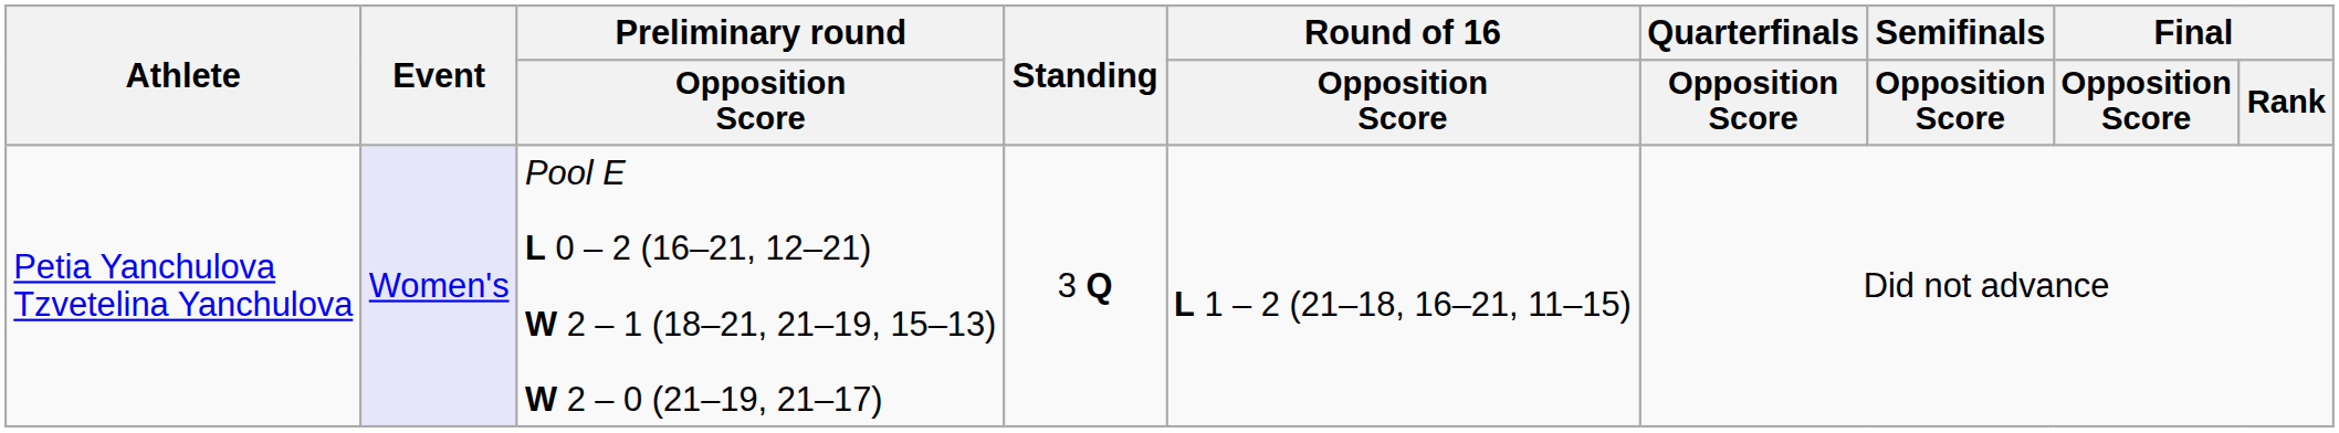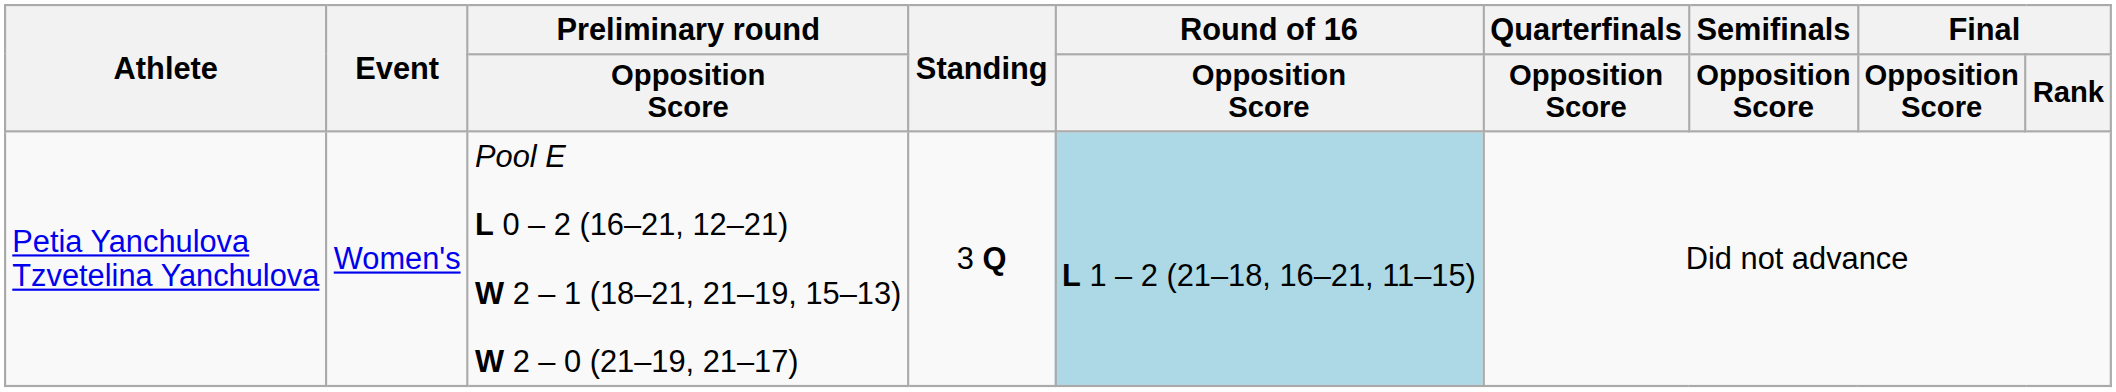 <table class=wikitable style="font-size:90%">
 <tr>
 <th rowspan="2">Athlete</th>
 <th rowspan="2">Event</th>
 <th>Preliminary round</th>
 <th rowspan="2">Standing</th>
 <th>Round of 16</th>
 <th>Quarterfinals</th>
 <th>Semifinals</th>
 <th colspan=2>Final</th>
 </tr>
 <tr style="font-size:95%">
 <th>Opposition<br>Score</th>
 <th>Opposition<br>Score</th>
 <th>Opposition<br>Score</th>
 <th>Opposition<br>Score</th>
 <th>Opposition<br>Score</th>
 <th>Rank</th>
 </tr>
 <tr align=center>
 <td align=left><a href='#'>Petia Yanchulova</a><br><a href='#'>Tzvetelina Yanchulova</a></td>
-<td align=left style="background: lavender;"><a href='#'>Women's</a></td>
+<td align=left><a href='#'>Women's</a></td>
 <td align=left><em>Pool E</em><br><br><strong>L</strong> 0 – 2 (16–21, 12–21)<br><br><strong>W</strong> 2 – 1 (18–21, 21–19, 15–13)<br><br><strong>W</strong> 2 – 0 (21–19, 21–17)</td>
 <td>3 <strong>Q</strong></td>
-<td><br><strong>L</strong> 1 – 2 (21–18, 16–21, 11–15)</td>
+<td style="background: lightblue;"><br><strong>L</strong> 1 – 2 (21–18, 16–21, 11–15)</td>
 <td colspan=4>Did not advance</td>
 </tr>
 </table>
